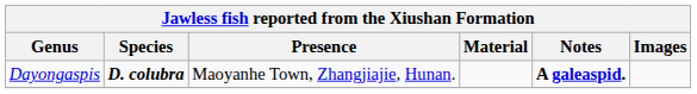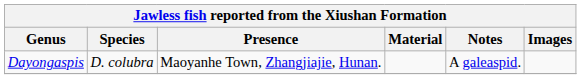 <table class="wikitable" align="center">
 <tr>
 <th colspan="6" align="center"><strong><a href='#'>Jawless fish</a> reported from the Xiushan Formation</strong></th>
 </tr>
 <tr>
 <th>Genus</th>
 <th>Species</th>
 <th>Presence</th>
 <th><strong>Material</strong></th>
 <th>Notes</th>
 <th>Images</th>
 </tr>
 <tr>
 <td><em><a href='#'>Dayongaspis</a></em></td>
-<td><strong><em>D. colubra</em></strong></td>
+<td><em>D. colubra</em></td>
 <td>Maoyanhe Town, <a href='#'>Zhangjiajie</a>, <a href='#'>Hunan</a>.</td>
 <td></td>
-<td><strong>A <a href='#'>galeaspid</a>.</strong></td>
+<td>A <a href='#'>galeaspid</a>.</td>
 <td></td>
 </tr>
 <tr>
 </tr>
 </table>
